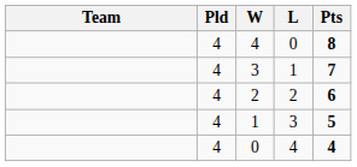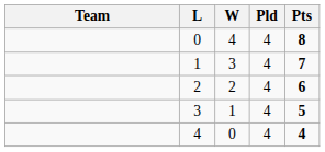 <table class=wikitable style="text-align:center">
 <tr>
 <th width=180>Team</th>
+<th width=30>L</th>
+<th width=30>W</th>
 <th width=30>Pld</th>
-<th width=30>W</th>
-<th width=30>L</th>
 <th width=30>Pts</th>
 </tr>
 <tr>
 <td align="left"></td>
+<td>0</td>
 <td>4</td>
 <td>4</td>
-<td>0</td>
 <td><strong>8</strong></td>
 </tr>
 <tr>
 <td align="left"></td>
+<td>1</td>
+<td>3</td>
 <td>4</td>
-<td>3</td>
-<td>1</td>
 <td><strong>7</strong></td>
 </tr>
 <tr>
 <td align="left"></td>
-<td>4</td>
 <td>2</td>
 <td>2</td>
+<td>4</td>
 <td><strong>6</strong></td>
 </tr>
 <tr>
 <td align="left"></td>
+<td>3</td>
+<td>1</td>
 <td>4</td>
-<td>1</td>
-<td>3</td>
 <td><strong>5</strong></td>
 </tr>
 <tr>
 <td align="left"></td>
 <td>4</td>
 <td>0</td>
 <td>4</td>
 <td><strong>4</strong></td>
 </tr>
 </table>
